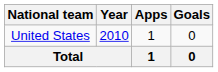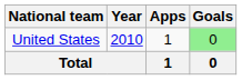 <table class="wikitable" style="text-align:center">
 <tr>
 <th>National team</th>
 <th>Year</th>
 <th>Apps</th>
 <th>Goals</th>
 </tr>
 <tr>
 <td><a href='#'>United States</a></td>
 <td><a href='#'>2010</a></td>
 <td>1</td>
-<td>0</td>
+<td style="background: lightgreen;">0</td>
 </tr>
 <tr>
 <th colspan=2>Total</th>
 <th>1</th>
 <th>0</th>
 </tr>
 </table>
